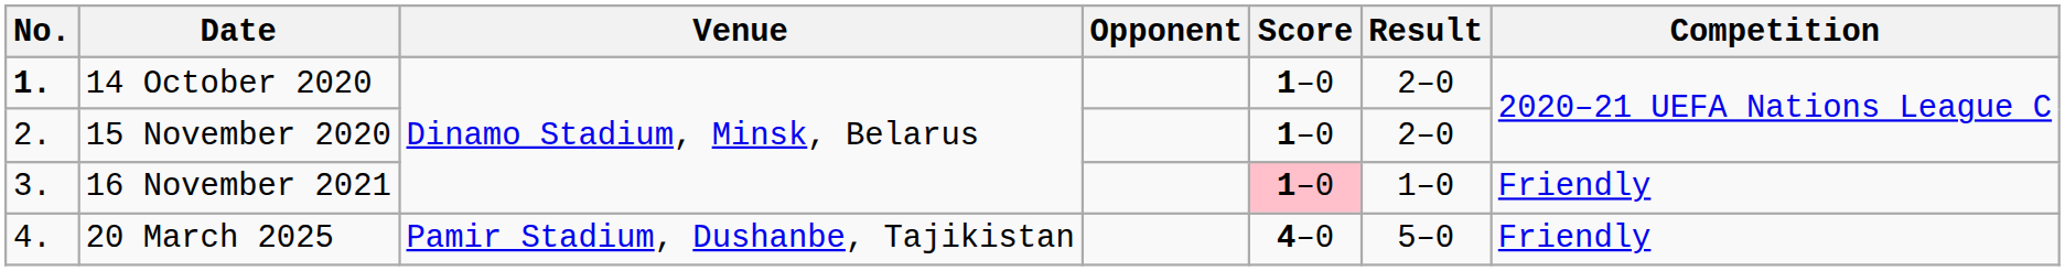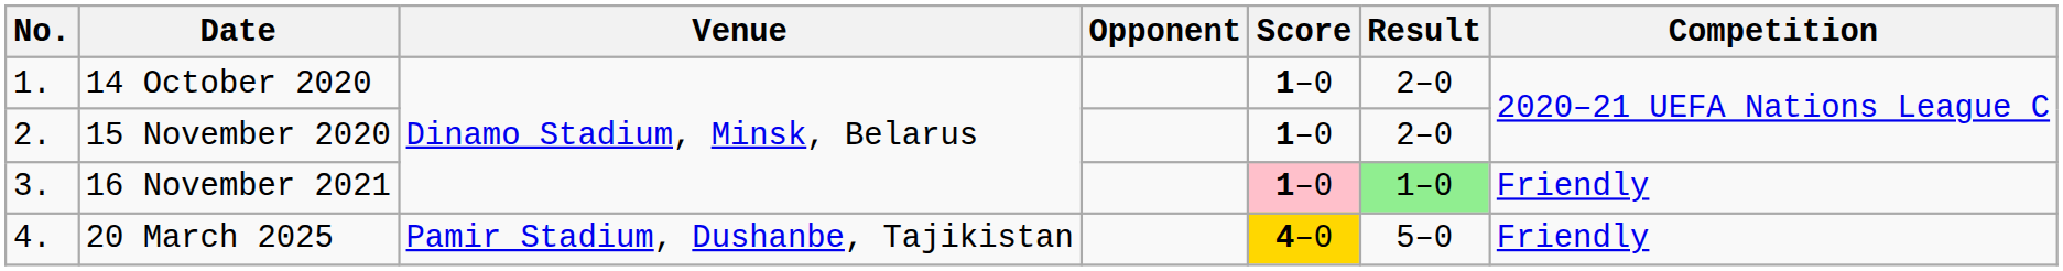 <table class="wikitable">
 <tr>
 <th>No.</th>
 <th>Date</th>
 <th>Venue</th>
 <th>Opponent</th>
 <th>Score</th>
 <th>Result</th>
 <th>Competition</th>
 </tr>
 <tr>
-<td><strong>1.</strong></td>
+<td>1.</td>
 <td>14 October 2020</td>
 <td rowspan=3><a href='#'>Dinamo Stadium</a>, <a href='#'>Minsk</a>, Belarus</td>
 <td></td>
 <td align=center><strong>1</strong>–0</td>
 <td align=center>2–0</td>
 <td rowspan=2><a href='#'>2020–21 UEFA Nations League C</a></td>
 </tr>
 <tr>
 <td>2.</td>
 <td>15 November 2020</td>
 <td></td>
 <td align=center><strong>1</strong>–0</td>
 <td align=center>2–0</td>
 </tr>
 <tr>
 <td>3.</td>
 <td>16 November 2021</td>
 <td></td>
 <td align=center style="background: pink;"><strong>1</strong>–0</td>
-<td align=center>1–0</td>
+<td align=center style="background: lightgreen;">1–0</td>
 <td><a href='#'>Friendly</a></td>
 </tr>
 <tr>
 <td>4.</td>
 <td>20 March 2025</td>
 <td><a href='#'>Pamir Stadium</a>, <a href='#'>Dushanbe</a>, Tajikistan</td>
 <td></td>
-<td align=center><strong>4</strong>–0</td>
+<td align=center style="background: gold;"><strong>4</strong>–0</td>
 <td align=center>5–0</td>
 <td><a href='#'>Friendly</a></td>
 </tr>
 </table>
